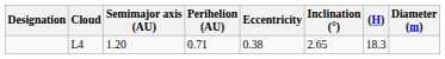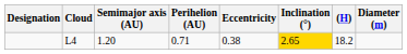 <table class="wikitable sortable">
 <tr>
 <th>Designation</th>
 <th>Cloud</th>
 <th>Semimajor axis<br>(AU)</th>
 <th>Perihelion<br>(AU)</th>
 <th>Eccentricity</th>
 <th>Inclination<br>(°)</th>
 <th>(<a href='#'>H</a>)</th>
 <th>Diameter<br>(<a href='#'>m</a>)</th>
 </tr>
 <tr>
 <td></td>
 <td>L4</td>
 <td>1.20</td>
 <td>0.71</td>
 <td>0.38</td>
-<td>2.65</td>
-<td>18.3</td>
+<td style="background: gold;">2.65</td>
+<td>18.2</td>
 <td></td>
 </tr>
 </table>
